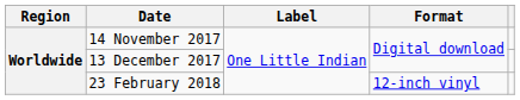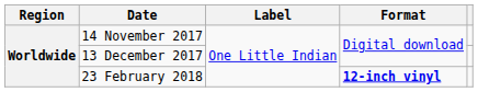 <table class="wikitable sortable plainrowheaders">
 <tr>
 <th scope="col">Region</th>
 <th scope="col">Date</th>
 <th scope="col">Label</th>
 <th scope="col">Format</th>
 <th scope="col" class="unsortable"></th>
 </tr>
 <tr>
 <th scope="row" rowspan="3">Worldwide</th>
 <td>14 November 2017</td>
 <td rowspan="3"><a href='#'>One Little Indian</a></td>
 <td rowspan="2"><a href='#'>Digital download</a></td>
 <td></td>
 </tr>
 <tr>
 <td>13 December 2017</td>
 <td></td>
 </tr>
 <tr>
 <td>23 February 2018</td>
-<td><a href='#'>12-inch vinyl</a></td>
+<td><strong><a href='#'>12-inch vinyl</a></strong></td>
 <td></td>
 </tr>
 </table>
